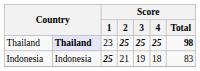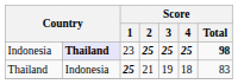 <table class="wikitable" style="font-size: 95%;" width=35%>
 <tr>
 <th rowspan=2; colspan=2>Country</th>
 <th colspan=5>Score</th>
 </tr>
 <tr>
 <th>1</th>
 <th>2</th>
 <th>3</th>
 <th>4</th>
 <th>Total</th>
 </tr>
 <tr>
-<td>Thailand</td>
+<td>Indonesia</td>
 <td style="background: lavender;"> <strong>Thailand</strong></td>
 <td>23</td>
 <td><strong><em>25</em></strong></td>
 <td><strong><em>25</em></strong></td>
 <td><strong><em>25</em></strong></td>
 <td align="right"><strong>98</strong></td>
 </tr>
 <tr>
-<td>Indonesia</td>
+<td>Thailand</td>
 <td> Indonesia</td>
 <td><strong><em>25</em></strong></td>
 <td>21</td>
 <td>19</td>
 <td>18</td>
 <td align="right">83</td>
 </tr>
 <tr>
 </tr>
 </table>
